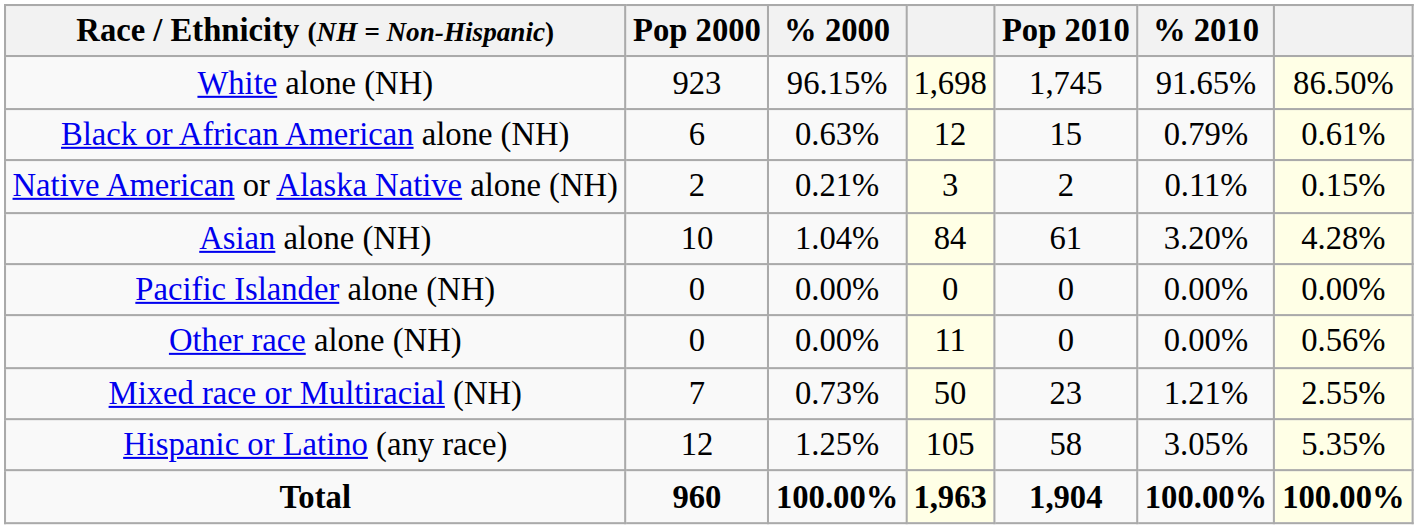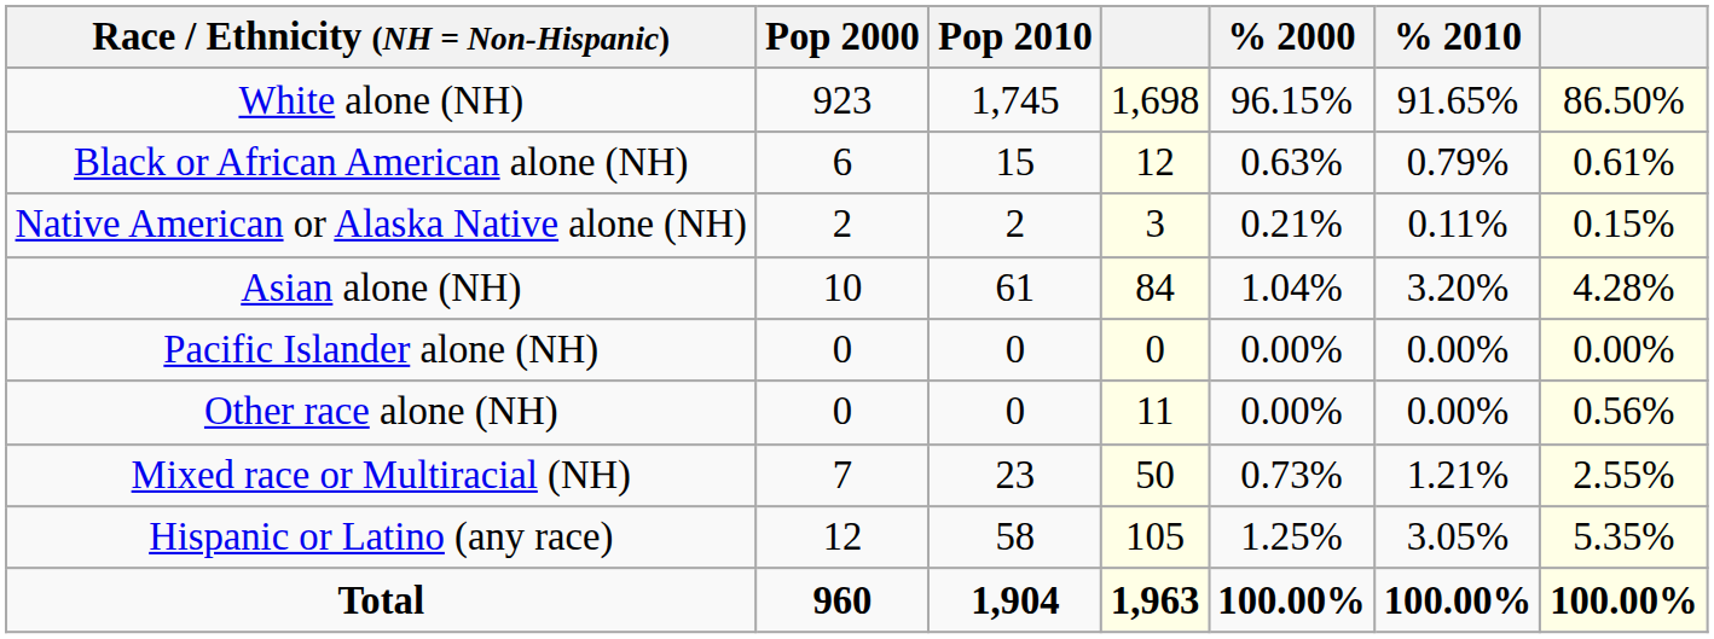 <table class="wikitable" style="text-align:center;">
 <tr>
 <th>Race / Ethnicity <small>(<em>NH = Non-Hispanic</em>)</small></th>
 <th>Pop 2000</th>
+<th>Pop 2010</th>
+<th></th>
 <th>% 2000</th>
-<th></th>
-<th>Pop 2010</th>
 <th>% 2010</th>
 <th></th>
 </tr>
 <tr>
 <td><a href='#'>White</a> alone (NH)</td>
 <td>923</td>
+<td>1,745</td>
+<td style='background: #ffffe6;'>1,698</td>
 <td>96.15%</td>
-<td style='background: #ffffe6;'>1,698</td>
-<td>1,745</td>
 <td>91.65%</td>
 <td style='background: #ffffe6;'>86.50%</td>
 </tr>
 <tr>
 <td><a href='#'>Black or African American</a> alone (NH)</td>
 <td>6</td>
+<td>15</td>
+<td style='background: #ffffe6;'>12</td>
 <td>0.63%</td>
-<td style='background: #ffffe6;'>12</td>
-<td>15</td>
 <td>0.79%</td>
 <td style='background: #ffffe6;'>0.61%</td>
 </tr>
 <tr>
 <td><a href='#'>Native American</a> or <a href='#'>Alaska Native</a> alone (NH)</td>
 <td>2</td>
+<td>2</td>
+<td style='background: #ffffe6;'>3</td>
 <td>0.21%</td>
-<td style='background: #ffffe6;'>3</td>
-<td>2</td>
 <td>0.11%</td>
 <td style='background: #ffffe6;'>0.15%</td>
 </tr>
 <tr>
 <td><a href='#'>Asian</a> alone (NH)</td>
 <td>10</td>
+<td>61</td>
+<td style='background: #ffffe6;'>84</td>
 <td>1.04%</td>
-<td style='background: #ffffe6;'>84</td>
-<td>61</td>
 <td>3.20%</td>
 <td style='background: #ffffe6;'>4.28%</td>
 </tr>
 <tr>
 <td><a href='#'>Pacific Islander</a> alone (NH)</td>
 <td>0</td>
+<td>0</td>
+<td style='background: #ffffe6;'>0</td>
 <td>0.00%</td>
-<td style='background: #ffffe6;'>0</td>
-<td>0</td>
 <td>0.00%</td>
 <td style='background: #ffffe6;'>0.00%</td>
 </tr>
 <tr>
 <td><a href='#'>Other race</a> alone (NH)</td>
 <td>0</td>
+<td>0</td>
+<td style='background: #ffffe6;'>11</td>
 <td>0.00%</td>
-<td style='background: #ffffe6;'>11</td>
-<td>0</td>
 <td>0.00%</td>
 <td style='background: #ffffe6;'>0.56%</td>
 </tr>
 <tr>
 <td><a href='#'>Mixed race or Multiracial</a> (NH)</td>
 <td>7</td>
+<td>23</td>
+<td style='background: #ffffe6;'>50</td>
 <td>0.73%</td>
-<td style='background: #ffffe6;'>50</td>
-<td>23</td>
 <td>1.21%</td>
 <td style='background: #ffffe6;'>2.55%</td>
 </tr>
 <tr>
 <td><a href='#'>Hispanic or Latino</a> (any race)</td>
 <td>12</td>
+<td>58</td>
+<td style='background: #ffffe6;'>105</td>
 <td>1.25%</td>
-<td style='background: #ffffe6;'>105</td>
-<td>58</td>
 <td>3.05%</td>
 <td style='background: #ffffe6;'>5.35%</td>
 </tr>
 <tr>
 <td><strong>Total</strong></td>
 <td><strong>960</strong></td>
+<td><strong>1,904</strong></td>
+<td style='background: #ffffe6;'><strong>1,963</strong></td>
 <td><strong>100.00%</strong></td>
-<td style='background: #ffffe6;'><strong>1,963</strong></td>
-<td><strong>1,904</strong></td>
 <td><strong>100.00%</strong></td>
 <td style='background: #ffffe6;'><strong>100.00%</strong></td>
 </tr>
 </table>
